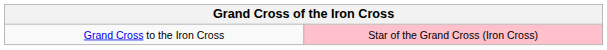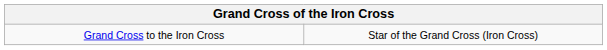 <table class="wikitable" style="margin:left; width:60%;">
 <tr>
 <th colspan=2><strong>Grand Cross of the Iron Cross</strong></th>
 </tr>
 <tr>
 <td style="vertical-align:top; width:20%; text-align:center;"><small><a href='#'>Grand Cross</a> to the Iron Cross</small></td>
-<td style="background: pink; vertical-align:top; width:20%; text-align:center;"><small>Star of the Grand Cross (Iron Cross)</small></td>
+<td style="vertical-align:top; width:20%; text-align:center;"><small>Star of the Grand Cross (Iron Cross)</small></td>
 </tr>
 </table>
